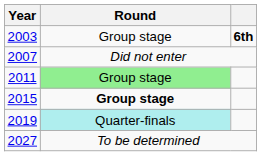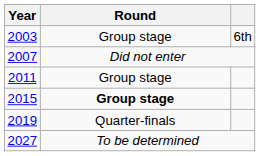 <table class="wikitable" style="text-align: center; font-size:90%">
 <tr>
 <th>Year</th>
 <th style="width:200px">Round</th>
 <th></th>
 </tr>
 <tr>
 <td><a href='#'>2003</a></td>
 <td>Group stage</td>
-<td><strong>6th</strong></td>
+<td>6th</td>
 </tr>
 <tr>
 <td><a href='#'>2007</a></td>
 <td colspan="2"><em>Did not enter</em></td>
 </tr>
 <tr>
 <td><a href='#'>2011</a></td>
-<td style="background: lightgreen;">Group stage</td>
+<td>Group stage</td>
 <td></td>
 </tr>
 <tr>
 <td><a href='#'>2015</a></td>
 <td><strong>Group stage</strong></td>
 <td></td>
 </tr>
 <tr>
 <td><a href='#'>2019</a></td>
-<td style="background: paleturquoise;">Quarter-finals</td>
+<td>Quarter-finals</td>
 <td></td>
 </tr>
 <tr>
 <td><a href='#'>2027</a></td>
 <td colspan="2"><em>To be determined</em></td>
 </tr>
 </table>
